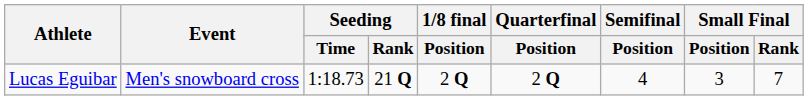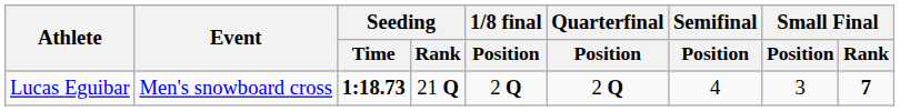 <table class=wikitable style=font-size:90%;text-align:center>
 <tr>
 <th rowspan=2>Athlete</th>
 <th rowspan=2>Event</th>
 <th colspan=2>Seeding</th>
 <th>1/8 final</th>
 <th>Quarterfinal</th>
 <th>Semifinal</th>
 <th colspan=2>Small Final</th>
 </tr>
 <tr style=font-size:95%>
 <th>Time</th>
 <th>Rank</th>
 <th>Position</th>
 <th>Position</th>
 <th>Position</th>
 <th>Position</th>
 <th>Rank</th>
 </tr>
 <tr>
 <td align=left><a href='#'>Lucas Eguibar</a></td>
 <td align=left><a href='#'>Men's snowboard cross</a></td>
-<td>1:18.73</td>
+<td><strong>1:18.73</strong></td>
 <td>21 <strong>Q</strong></td>
 <td>2 <strong>Q</strong></td>
 <td>2 <strong>Q</strong></td>
 <td>4</td>
 <td>3</td>
-<td>7</td>
+<td><strong>7</strong></td>
 </tr>
 </table>
